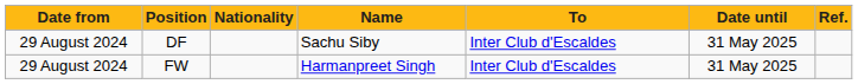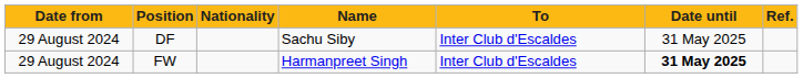 <table class="wikitable"  style="text-align:center; font-size:90%; ">
 <tr>
 <th style="background:#FDB913; color:#231F20; width:120px;">Date from</th>
 <th style="background:#FDB913; color:#231F20; width:50px;">Position</th>
 <th style="background:#FDB913; color:#231F20; width:50px;">Nationality</th>
 <th style="background:#FDB913; color:#231F20; width:150px;">Name</th>
 <th style="background:#FDB913; color:#231F20; width:200px;">To</th>
 <th style="background:#FDB913; color:#231F20; width:110px;">Date until</th>
 <th style="background:#FDB913; color:#231F20; width:25px;">Ref.</th>
 </tr>
 <tr>
 <td>29 August 2024</td>
 <td style="text-align:center;">DF</td>
 <td style="text-align:center;"></td>
 <td style="text-align:left;">Sachu Siby</td>
 <td style="text-align:left;"><a href='#'>Inter Club d'Escaldes</a></td>
 <td>31 May 2025</td>
 <td></td>
 </tr>
 <tr>
 <td>29 August 2024</td>
 <td style="text-align:center;">FW</td>
 <td style="text-align:center;"></td>
 <td style="text-align:left;"><a href='#'>Harmanpreet Singh</a></td>
 <td style="text-align:left;"><a href='#'>Inter Club d'Escaldes</a></td>
-<td>31 May 2025</td>
+<td><strong>31 May 2025</strong></td>
 </tr>
 </table>
